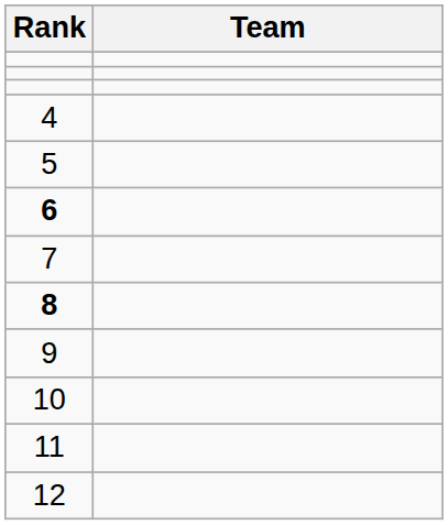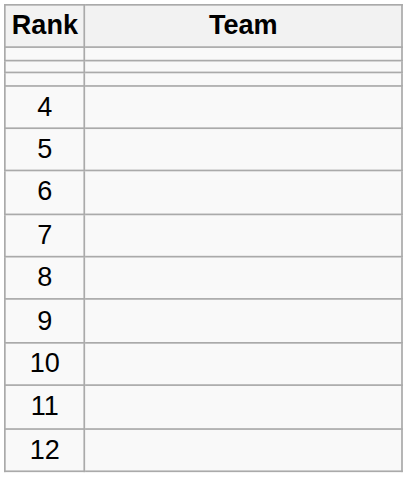 <table class="wikitable" style="text-align:center;">
 <tr>
 <th width=40>Rank</th>
 <th width=180>Team</th>
 </tr>
 <tr>
 <td></td>
 <td style="text-align:left;"></td>
 </tr>
 <tr>
 <td></td>
 <td style="text-align:left;"></td>
 </tr>
 <tr>
 <td></td>
 <td style="text-align:left;"></td>
 </tr>
 <tr>
 <td>4</td>
 <td style="text-align:left;"></td>
 </tr>
 <tr>
 <td>5</td>
 <td style="text-align:left;"></td>
 </tr>
 <tr>
-<td><strong>6</strong></td>
+<td>6</td>
 <td style="text-align:left;"></td>
 </tr>
 <tr>
 <td>7</td>
 <td style="text-align:left;"></td>
 </tr>
 <tr>
-<td><strong>8</strong></td>
+<td>8</td>
 <td style="text-align:left;"></td>
 </tr>
 <tr>
 <td>9</td>
 <td style="text-align:left;"></td>
 </tr>
 <tr>
 <td>10</td>
 <td style="text-align:left;"></td>
 </tr>
 <tr>
 <td>11</td>
 <td style="text-align:left;"></td>
 </tr>
 <tr>
 <td>12</td>
 <td style="text-align:left;"></td>
 </tr>
 </table>
